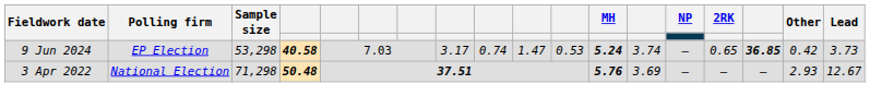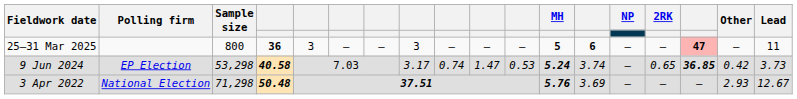 <table class="wikitable sortable" style="text-align:center;font-size:95%;line-height:16px;">
 <tr>
 <th rowspan="2">Fieldwork date</th>
 <th rowspan="2">Polling firm</th>
 <th rowspan="2">Sample<br>size</th>
 <th style="width:35px;"></th>
 <th style="width:35px;"></th>
 <th style="width:35px;"></th>
 <th style="width:35px;"></th>
 <th style="width:35px;"></th>
 <th style="width:35px;"></th>
 <th style="width:35px;"></th>
 <th style="width:35px;"></th>
 <th style="width:35px;"><a href='#'>MH</a></th>
 <th style="width:35px;"></th>
 <th style="width:35px;"><a href='#'>NP</a></th>
 <th style="width:35px;"><a href='#'>2RK</a></th>
 <th style="width:35px;"></th>
 <th rowspan="2">Other</th>
 <th rowspan="2">Lead</th>
 </tr>
 <tr>
 <th style="background:"></th>
 <th style="background:"></th>
 <th style="background:"></th>
 <th style="background:"></th>
 <th style="background:"></th>
 <th style="background:"></th>
 <th style="background:"></th>
 <th style="background:"></th>
 <th style="background:"></th>
 <th style="background:"></th>
 <th style="background:#023854;"></th>
 <th style="background:"></th>
 <th style="background:"></th>
 </tr>
+<tr>
+<td data-sort-value="2025-03-31">25–31 Mar 2025</td>
+<td></td>
+<td>800</td>
+<td><strong>36</strong></td>
+<td>3</td>
+<td>–</td>
+<td>–</td>
+<td>3</td>
+<td>–</td>
+<td>–</td>
+<td>–</td>
+<td><strong>5</strong></td>
+<td><strong>6</strong></td>
+<td>–</td>
+<td>–</td>
+<td style="background:#FFB4B4"><strong>47</strong></td>
+<td>–</td>
+<td style="background:">11</td>
+</tr>
 <tr style="background:#DFDFDF;">
 <td data-sort-value="2024-06-09"><em>9 Jun 2024</em></td>
 <td><em><a href='#'>EP Election</a></em></td>
 <td><em>53,298</em></td>
 <td style="background:#FFE5B4"><strong><em>40.58</em></strong></td>
 <td colspan="3">7.03</td>
 <td><em>3.17</em></td>
 <td><em>0.74</em></td>
 <td><em>1.47</em></td>
 <td><em>0.53</em></td>
 <td><strong><em>5.24</em></strong></td>
 <td><em>3.74</em></td>
 <td>–</td>
 <td><em>0.65</em></td>
 <td><strong><em>36.85</em></strong></td>
 <td><em>0.42</em></td>
 <td style="background:"><em>3.73</em></td>
 </tr>
 <tr style="background:#DFDFDF;">
 <td data-sort-value="2022-04-03"><em>3 Apr 2022</em></td>
 <td><em><a href='#'>National Election</a></em></td>
 <td><em>71,298</em></td>
 <td style="background:#FFE5B4"><strong><em>50.48</em></strong></td>
 <td colspan="7"><strong><em>37.51</em></strong></td>
 <td><strong><em>5.76</em></strong></td>
 <td><em>3.69</em></td>
 <td>–</td>
 <td>–</td>
 <td>–</td>
 <td><em>2.93</em></td>
 <td style="background:"><em>12.67</em></td>
 </tr>
 </table>
